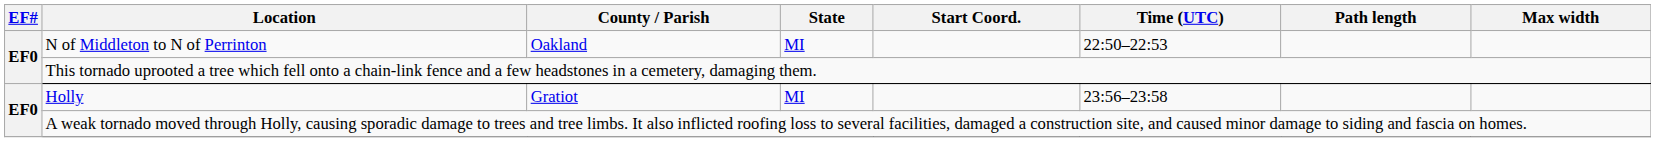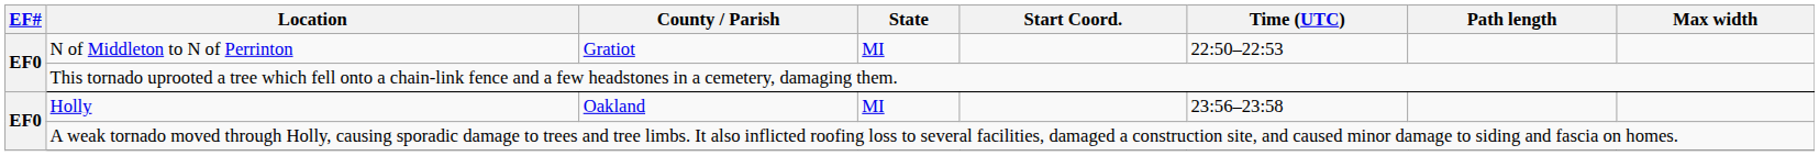 <table class="wikitable sortable" style="width:100%;">
 <tr>
 <th scope="col" width="2%" align="center"><a href='#'>EF#</a></th>
 <th scope="col" align="center" class="unsortable">Location</th>
 <th scope="col" align="center" class="unsortable">County / Parish</th>
 <th scope="col" align="center">State</th>
 <th scope="col" align="center">Start Coord.</th>
 <th scope="col" align="center">Time (<a href='#'>UTC</a>)</th>
 <th scope="col" align="center">Path length</th>
 <th scope="col" align="center">Max width</th>
 </tr>
 <tr>
 <th scope="row" rowspan="2" style="background-color:#">EF0</th>
 <td>N of <a href='#'>Middleton</a> to N of <a href='#'>Perrinton</a></td>
-<td><a href='#'>Oakland</a></td>
+<td><a href='#'>Gratiot</a></td>
 <td><a href='#'>MI</a></td>
 <td></td>
 <td>22:50–22:53</td>
 <td></td>
 <td></td>
 </tr>
 <tr class="expand-child">
 <td colspan="8" style=" border-bottom: 1px solid black;">This tornado uprooted a tree which fell onto a chain-link fence and a few headstones in a cemetery, damaging them.</td>
 </tr>
 <tr>
 <th scope="row" rowspan="2" style="background-color:#">EF0</th>
 <td><a href='#'>Holly</a></td>
-<td><a href='#'>Gratiot</a></td>
+<td><a href='#'>Oakland</a></td>
 <td><a href='#'>MI</a></td>
 <td></td>
 <td>23:56–23:58</td>
 <td></td>
 <td></td>
 </tr>
 <tr class="expand-child">
 <td colspan="8" style=" border-bottom: 1px solid black;">A weak tornado moved through Holly, causing sporadic damage to trees and tree limbs. It also inflicted roofing loss to several facilities, damaged a construction site, and caused minor damage to siding and fascia on homes.</td>
 </tr>
 <tr>
 </tr>
 </table>
